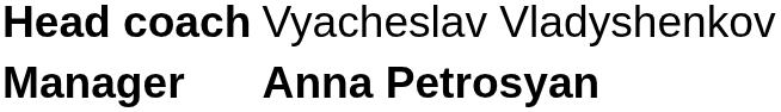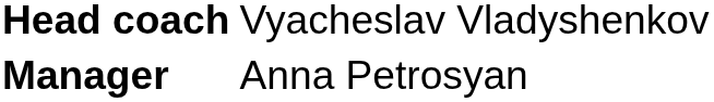 <table style="text-align: center; ">
 <tr>
 <td align=left><strong>Head coach</strong></td>
 <td align=left> Vyacheslav Vladyshenkov</td>
 </tr>
 <tr>
 <td align=left><strong>Manager</strong></td>
-<td align=left><strong> Anna Petrosyan</strong></td>
+<td align=left> Anna Petrosyan</td>
 </tr>
 <tr>
 </tr>
 </table>
